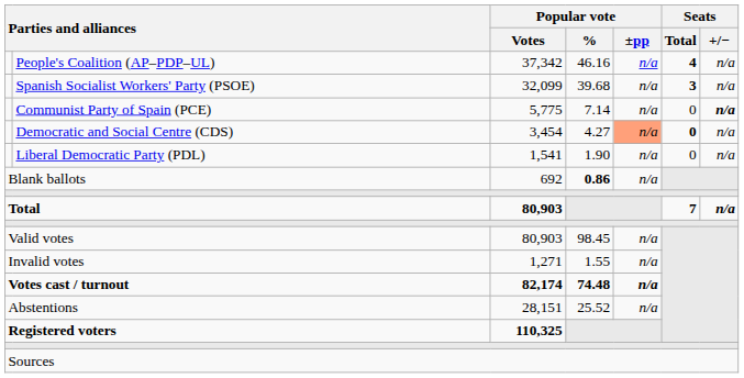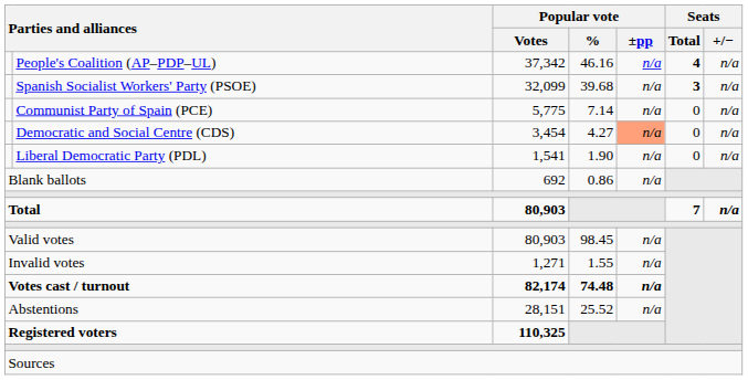 <table class="wikitable" style="text-align:right;">
 <tr>
 <th style="text-align:left;" rowspan="2" colspan="2" width="525">Parties and alliances</th>
 <th colspan="3">Popular vote</th>
 <th colspan="2">Seats</th>
 </tr>
 <tr>
 <th width="75">Votes</th>
 <th width="45">%</th>
 <th width="45">±<a href='#'>pp</a></th>
 <th width="35">Total</th>
 <th width="35">+/−</th>
 </tr>
 <tr>
 <td width="1" style="color:inherit;background:"></td>
 <td align="left"><a href='#'>People's Coalition</a> (<a href='#'>AP</a>–<a href='#'>PDP</a>–<a href='#'>UL</a>)</td>
 <td>37,342</td>
 <td>46.16</td>
 <td><em><a href='#'>n/a</a></em></td>
 <td><strong>4</strong></td>
 <td><em>n/a</em></td>
 </tr>
 <tr>
 <td style="color:inherit;background:"></td>
 <td align="left"><a href='#'>Spanish Socialist Workers' Party</a> (PSOE)</td>
 <td>32,099</td>
 <td>39.68</td>
 <td><em>n/a</em></td>
 <td><strong>3</strong></td>
 <td><em>n/a</em></td>
 </tr>
 <tr>
 <td style="color:inherit;background:"></td>
 <td align="left"><a href='#'>Communist Party of Spain</a> (PCE)</td>
 <td>5,775</td>
 <td>7.14</td>
 <td><em>n/a</em></td>
 <td>0</td>
-<td><strong><em>n/a</em></strong></td>
+<td><em>n/a</em></td>
 </tr>
 <tr>
 <td style="color:inherit;background:"></td>
 <td align="left"><a href='#'>Democratic and Social Centre</a> (CDS)</td>
 <td>3,454</td>
 <td>4.27</td>
 <td style="background: lightsalmon;"><em>n/a</em></td>
-<td><strong>0</strong></td>
+<td>0</td>
 <td><em>n/a</em></td>
 </tr>
 <tr>
 <td style="color:inherit;background:"></td>
 <td align="left"><a href='#'>Liberal Democratic Party</a> (PDL)</td>
 <td>1,541</td>
 <td>1.90</td>
 <td><em>n/a</em></td>
 <td>0</td>
 <td><em>n/a</em></td>
 </tr>
 <tr>
 <td align="left" colspan="2">Blank ballots</td>
 <td>692</td>
-<td><strong>0.86</strong></td>
+<td>0.86</td>
 <td><em>n/a</em></td>
 <td bgcolor="#E9E9E9" colspan="2"></td>
 </tr>
 <tr>
 <td colspan="7" bgcolor="#E9E9E9"></td>
 </tr>
 <tr style="font-weight:bold;">
 <td align="left" colspan="2">Total</td>
 <td>80,903</td>
 <td bgcolor="#E9E9E9" colspan="2"></td>
 <td>7</td>
 <td><em>n/a</em></td>
 </tr>
 <tr>
 <td colspan="7" bgcolor="#E9E9E9"></td>
 </tr>
 <tr>
 <td align="left" colspan="2">Valid votes</td>
 <td>80,903</td>
 <td>98.45</td>
 <td><em>n/a</em></td>
 <td bgcolor="#E9E9E9" colspan="2" rowspan="5"></td>
 </tr>
 <tr>
 <td align="left" colspan="2">Invalid votes</td>
 <td>1,271</td>
 <td>1.55</td>
 <td><em>n/a</em></td>
 </tr>
 <tr style="font-weight:bold;">
 <td align="left" colspan="2">Votes cast / turnout</td>
 <td>82,174</td>
 <td>74.48</td>
 <td><em>n/a</em></td>
 </tr>
 <tr>
 <td align="left" colspan="2">Abstentions</td>
 <td>28,151</td>
 <td>25.52</td>
 <td><em>n/a</em></td>
 </tr>
 <tr style="font-weight:bold;">
 <td align="left" colspan="2">Registered voters</td>
 <td>110,325</td>
 <td bgcolor="#E9E9E9" colspan="2"></td>
 </tr>
 <tr>
 <td colspan="7" bgcolor="#E9E9E9"></td>
 </tr>
 <tr>
 <td align="left" colspan="7">Sources</td>
 </tr>
 </table>
